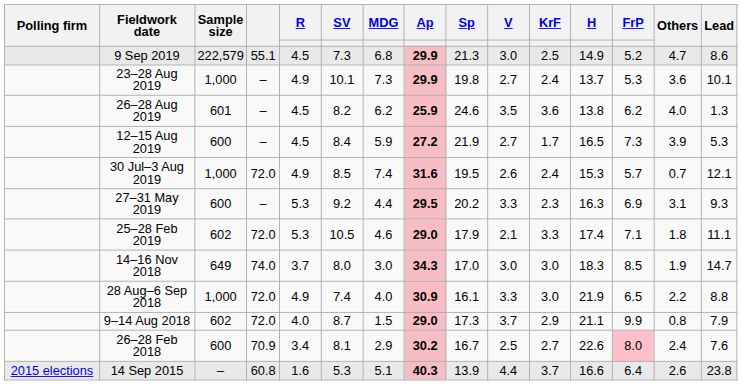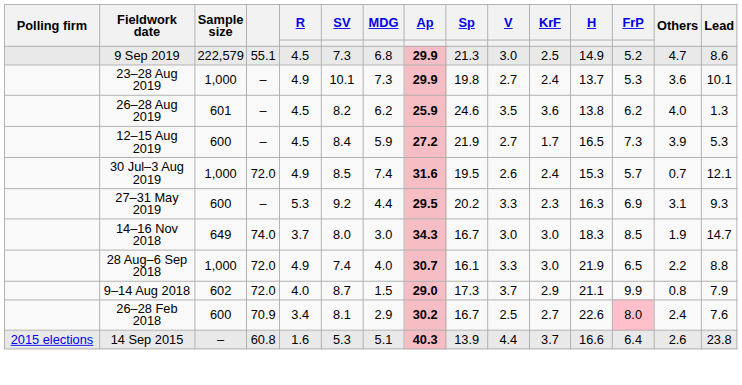 <table class="wikitable sortable" style="text-align:center;font-size:90%;line-height:14px;">
 <tr style="height:40px;">
 <th style="width:100px;" rowspan="2">Polling firm</th>
 <th style="width:100px;" rowspan="2">Fieldwork date</th>
 <th style="width:35px;" rowspan="2">Sample<br>size</th>
 <th style="width:30px;" rowspan="2"></th>
 <th class="unsortable" style="width:40px;"><a href='#'>R</a></th>
 <th class="unsortable" style="width:40px;"><a href='#'>SV</a></th>
 <th class="unsortable" style="width:40px;"><a href='#'>MDG</a></th>
 <th class="unsortable" style="width:40px;"><a href='#'>Ap</a></th>
 <th class="unsortable" style="width:40px;"><a href='#'>Sp</a></th>
 <th class="unsortable" style="width:40px;"><a href='#'>V</a></th>
 <th class="unsortable" style="width:40px;"><a href='#'>KrF</a></th>
 <th class="unsortable" style="width:40px;"><a href='#'>H</a></th>
 <th class="unsortable" style="width:40px;"><a href='#'>FrP</a></th>
 <th class="unsortable" style="width:30px;" rowspan="2">Others</th>
 <th style="width:30px;" rowspan="2">Lead</th>
 </tr>
 <tr>
 <th style="background:"></th>
 <th style="background:"></th>
 <th style="background:"></th>
 <th style="background:"></th>
 <th style="background:"></th>
 <th style="background:"></th>
 <th style="background:"></th>
 <th style="background:"></th>
 <th style="background:"></th>
 </tr>
 <tr style="background:#E9E9E9;">
 <td></td>
 <td data-sort-value="2019-09-09">9 Sep 2019</td>
 <td>222,579</td>
 <td>55.1</td>
 <td>4.5</td>
 <td>7.3</td>
 <td>6.8</td>
 <td style="background:#F7BDC5;"><strong>29.9</strong></td>
 <td>21.3</td>
 <td>3.0</td>
 <td>2.5</td>
 <td>14.9</td>
 <td>5.2</td>
 <td>4.7</td>
 <td style="background:">8.6</td>
 </tr>
 <tr>
 <td></td>
 <td data-sort-value="2019-09-02">23–28 Aug 2019</td>
 <td>1,000</td>
 <td>–</td>
 <td>4.9</td>
 <td>10.1</td>
 <td>7.3</td>
 <td style="background:#F7BDC5;"><strong>29.9</strong></td>
 <td>19.8</td>
 <td>2.7</td>
 <td>2.4</td>
 <td>13.7</td>
 <td>5.3</td>
 <td>3.6</td>
 <td style="background:">10.1</td>
 </tr>
 <tr>
 <td></td>
 <td data-sort-value="2019-08-30">26–28 Aug 2019</td>
 <td>601</td>
 <td>–</td>
 <td>4.5</td>
 <td>8.2</td>
 <td>6.2</td>
 <td style="background:#F7BDC5;"><strong>25.9</strong></td>
 <td>24.6</td>
 <td>3.5</td>
 <td>3.6</td>
 <td>13.8</td>
 <td>6.2</td>
 <td>4.0</td>
 <td style="background:">1.3</td>
 </tr>
 <tr>
 <td></td>
 <td data-sort-value="2019-08-21">12–15 Aug 2019</td>
 <td>600</td>
 <td>–</td>
 <td>4.5</td>
 <td>8.4</td>
 <td>5.9</td>
 <td style="background:#F7BDC5;"><strong>27.2</strong></td>
 <td>21.9</td>
 <td>2.7</td>
 <td>1.7</td>
 <td>16.5</td>
 <td>7.3</td>
 <td>3.9</td>
 <td style="background:">5.3</td>
 </tr>
 <tr>
 <td></td>
 <td data-sort-value="2019-08-07">30 Jul–3 Aug 2019</td>
 <td>1,000</td>
 <td>72.0</td>
 <td>4.9</td>
 <td>8.5</td>
 <td>7.4</td>
 <td style="background:#F7BDC5;"><strong>31.6</strong></td>
 <td>19.5</td>
 <td>2.6</td>
 <td>2.4</td>
 <td>15.3</td>
 <td>5.7</td>
 <td>0.7</td>
 <td style="background:">12.1</td>
 </tr>
 <tr>
 <td></td>
 <td data-sort-value="2019-05-31">27–31 May 2019</td>
 <td>600</td>
 <td>–</td>
 <td>5.3</td>
 <td>9.2</td>
 <td>4.4</td>
 <td style="background:#F7BDC5;"><strong>29.5</strong></td>
 <td>20.2</td>
 <td>3.3</td>
 <td>2.3</td>
 <td>16.3</td>
 <td>6.9</td>
 <td>3.1</td>
 <td style="background:">9.3</td>
 </tr>
 <tr>
 <td></td>
-<td data-sort-value="2019-02-28">25–28 Feb 2019</td>
-<td>602</td>
-<td>72.0</td>
-<td>5.3</td>
-<td>10.5</td>
-<td>4.6</td>
-<td style="background:#F7BDC5;"><strong>29.0</strong></td>
-<td>17.9</td>
-<td>2.1</td>
-<td>3.3</td>
-<td>17.4</td>
-<td>7.1</td>
-<td>1.8</td>
-<td style="background:">11.1</td>
-</tr>
-<tr>
-<td></td>
 <td data-sort-value="2018-11-16">14–16 Nov 2018</td>
 <td>649</td>
 <td>74.0</td>
 <td>3.7</td>
 <td>8.0</td>
 <td>3.0</td>
 <td style="background:#F7BDC5;"><strong>34.3</strong></td>
-<td>17.0</td>
+<td>16.7</td>
 <td>3.0</td>
 <td>3.0</td>
 <td>18.3</td>
 <td>8.5</td>
 <td>1.9</td>
 <td style="background:">14.7</td>
 </tr>
 <tr>
 <td></td>
 <td data-sort-value="2018-09-06">28 Aug–6 Sep 2018</td>
 <td>1,000</td>
 <td>72.0</td>
 <td>4.9</td>
 <td>7.4</td>
 <td>4.0</td>
-<td style="background:#F7BDC5;"><strong>30.9</strong></td>
+<td style="background:#F7BDC5;"><strong>30.7</strong></td>
 <td>16.1</td>
 <td>3.3</td>
 <td>3.0</td>
 <td>21.9</td>
 <td>6.5</td>
 <td>2.2</td>
 <td style="background:">8.8</td>
 </tr>
 <tr>
 <td></td>
 <td data-sort-value="2018-08-14">9–14 Aug 2018</td>
 <td>602</td>
 <td>72.0</td>
 <td>4.0</td>
 <td>8.7</td>
 <td>1.5</td>
 <td style="background:#F7BDC5;"><strong>29.0</strong></td>
 <td>17.3</td>
 <td>3.7</td>
 <td>2.9</td>
 <td>21.1</td>
 <td>9.9</td>
 <td>0.8</td>
 <td style="background:">7.9</td>
 </tr>
 <tr>
 <td></td>
 <td data-sort-value="2018-02-28">26–28 Feb 2018</td>
 <td>600</td>
 <td>70.9</td>
 <td>3.4</td>
 <td>8.1</td>
 <td>2.9</td>
 <td style="background:#F7BDC5;"><strong>30.2</strong></td>
 <td>16.7</td>
 <td>2.5</td>
 <td>2.7</td>
 <td>22.6</td>
 <td style="background: pink;">8.0</td>
 <td>2.4</td>
 <td style="background:">7.6</td>
 </tr>
 <tr style="background:#E9E9E9;">
 <td><a href='#'>2015 elections</a></td>
 <td data-sort-value="2015-09-14">14 Sep 2015</td>
 <td>–</td>
 <td>60.8</td>
 <td>1.6</td>
 <td>5.3</td>
 <td>5.1</td>
 <td style="background:#F7BDC5;"><strong>40.3</strong></td>
 <td>13.9</td>
 <td>4.4</td>
 <td>3.7</td>
 <td>16.6</td>
 <td>6.4</td>
 <td>2.6</td>
 <td style="background:">23.8</td>
 </tr>
 </table>
